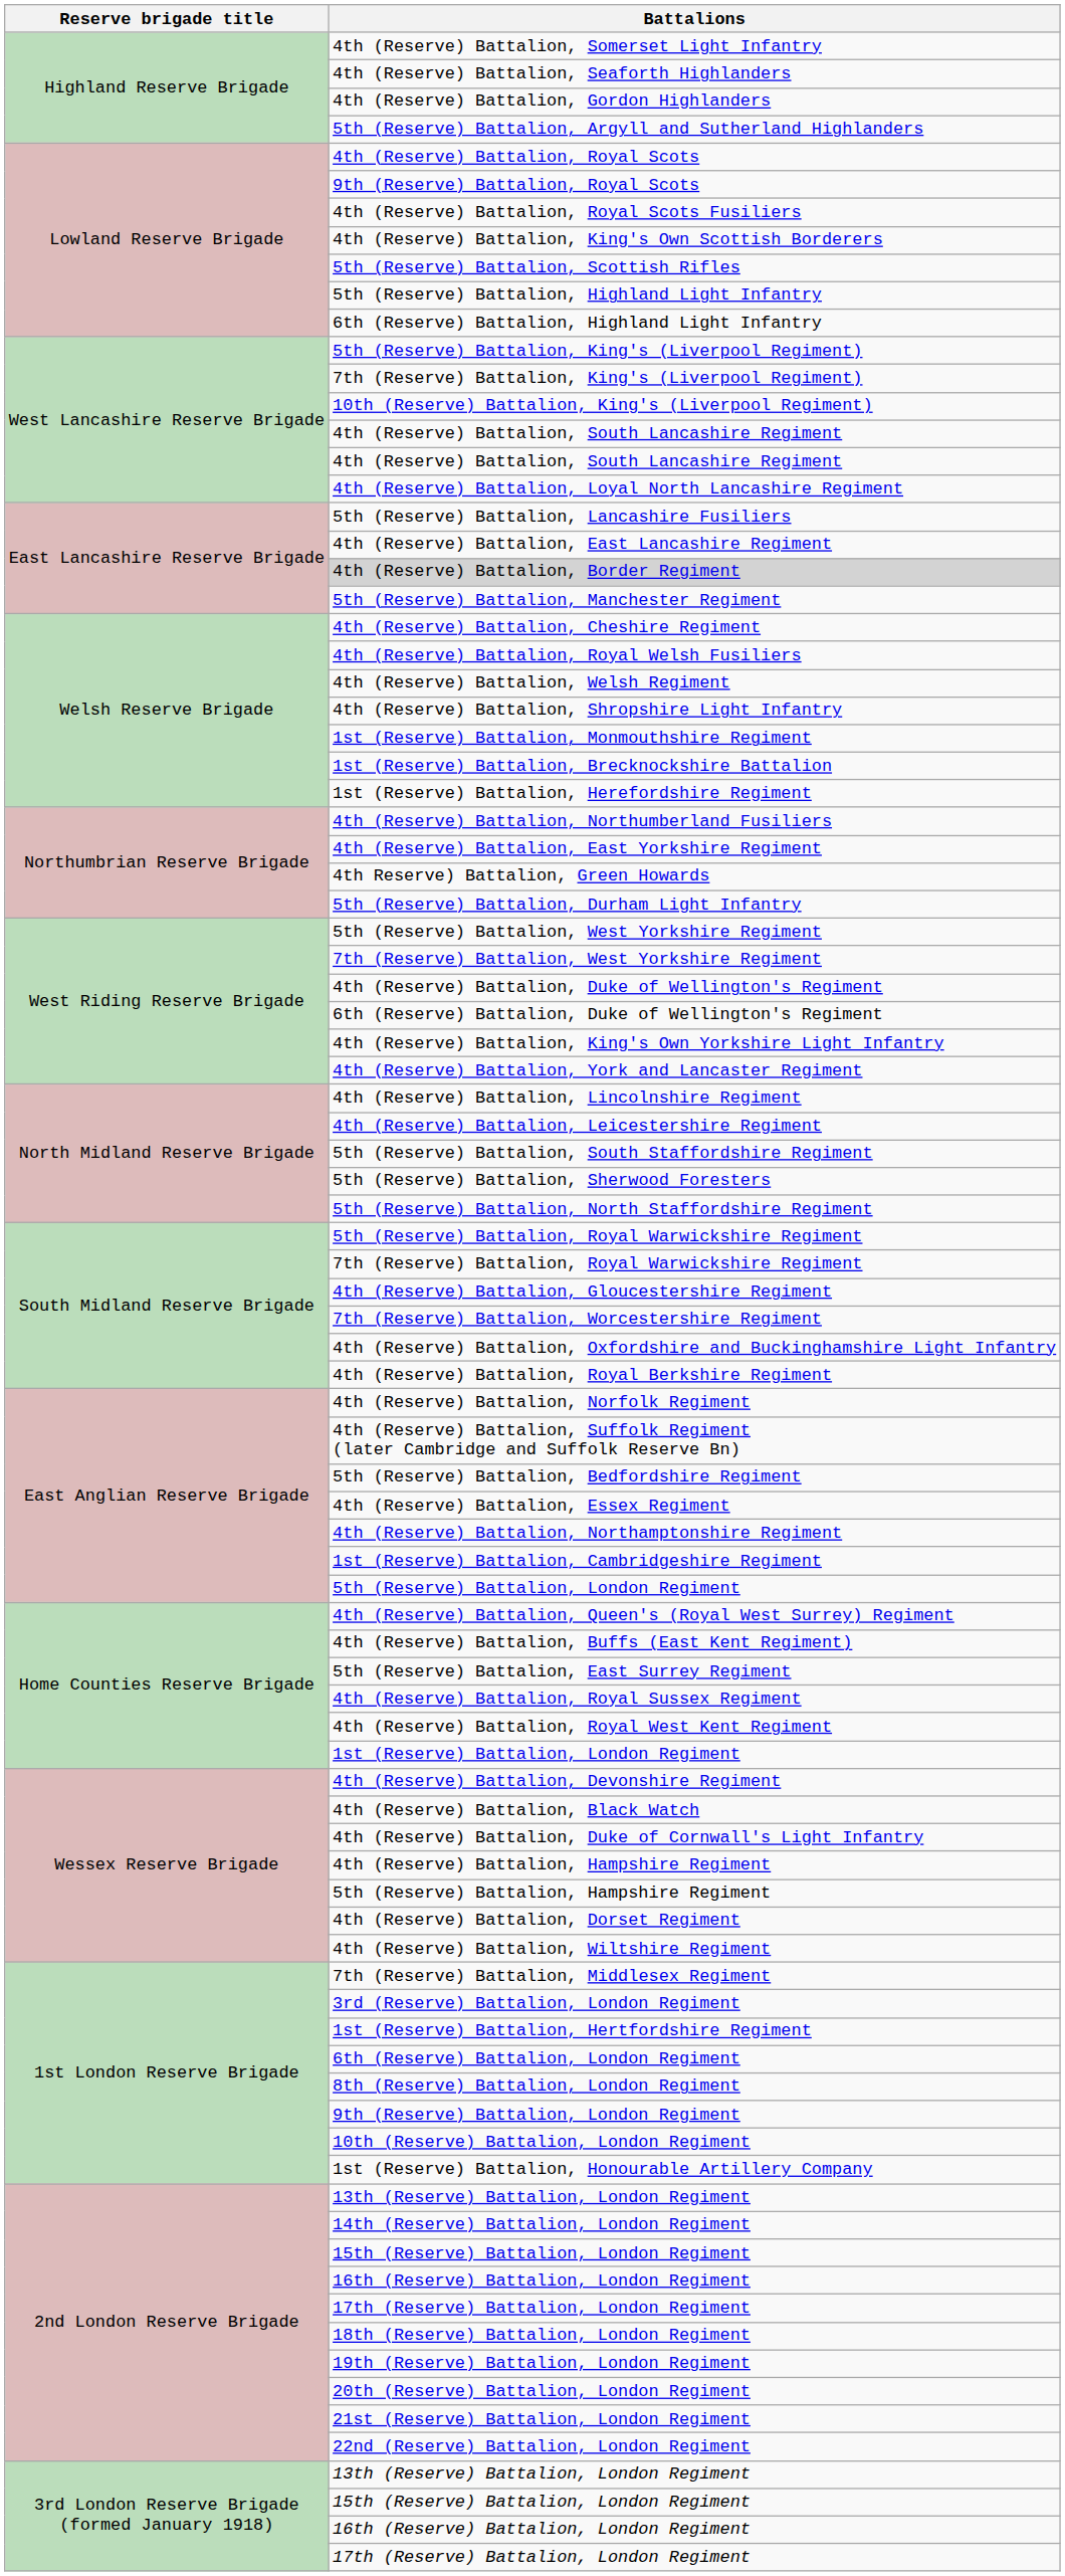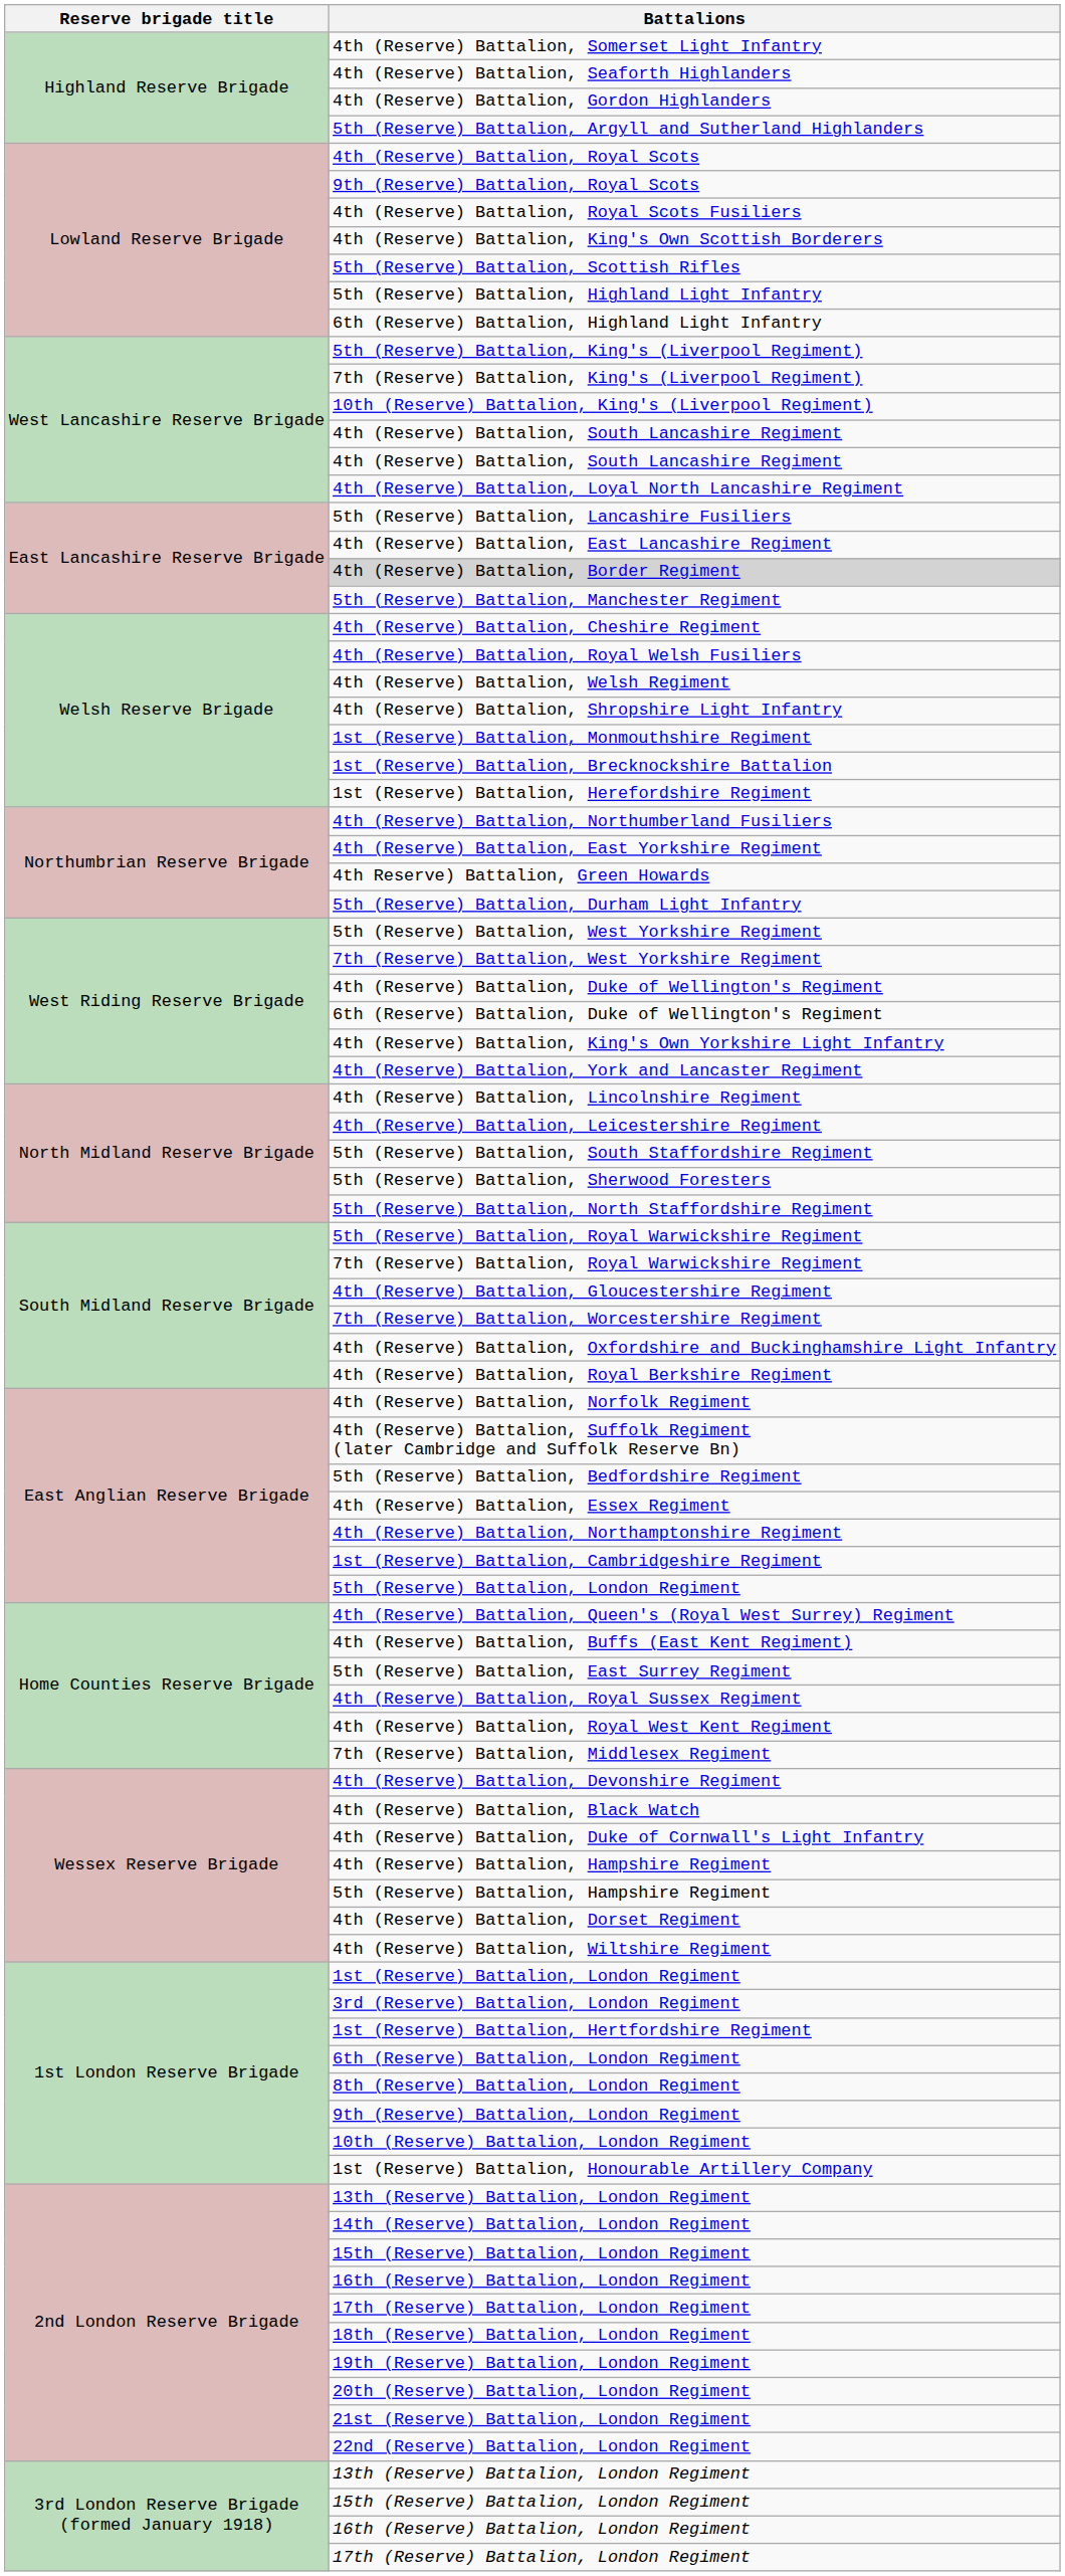 <table class="wikitable">
 <tr>
 <th>Reserve brigade title</th>
 <th>Battalions</th>
 </tr>
 <tr>
 <td align=center bgcolor=#bbddbb rowspan=4>Highland Reserve Brigade</td>
 <td>4th (Reserve) Battalion, <a href='#'>Somerset Light Infantry</a></td>
 </tr>
 <tr>
 <td>4th (Reserve) Battalion, <a href='#'>Seaforth Highlanders</a></td>
 </tr>
 <tr>
 <td>4th (Reserve) Battalion, <a href='#'>Gordon Highlanders</a></td>
 </tr>
 <tr>
 <td><a href='#'>5th (Reserve) Battalion, Argyll and Sutherland Highlanders</a></td>
 </tr>
 <tr>
 <td align=center bgcolor=#ddbbbb rowspan=7>Lowland Reserve Brigade</td>
 <td><a href='#'>4th (Reserve) Battalion, Royal Scots</a></td>
 </tr>
 <tr>
 <td><a href='#'>9th (Reserve) Battalion, Royal Scots</a></td>
 </tr>
 <tr>
 <td>4th (Reserve) Battalion, <a href='#'>Royal Scots Fusiliers</a></td>
 </tr>
 <tr>
 <td>4th (Reserve) Battalion, <a href='#'>King's Own Scottish Borderers</a></td>
 </tr>
 <tr>
 <td><a href='#'>5th (Reserve) Battalion, Scottish Rifles</a></td>
 </tr>
 <tr>
 <td>5th (Reserve) Battalion, <a href='#'>Highland Light Infantry</a></td>
 </tr>
 <tr>
 <td>6th (Reserve) Battalion, Highland Light Infantry</td>
 </tr>
 <tr>
 <td align=center bgcolor=#bbddbb rowspan=6> West Lancashire Reserve Brigade</td>
 <td><a href='#'>5th (Reserve) Battalion, King's (Liverpool Regiment)</a></td>
 </tr>
 <tr>
 <td>7th (Reserve) Battalion, <a href='#'>King's (Liverpool Regiment)</a></td>
 </tr>
 <tr>
 <td><a href='#'>10th (Reserve) Battalion, King's (Liverpool Regiment)</a></td>
 </tr>
 <tr>
 <td>4th (Reserve) Battalion, <a href='#'>South Lancashire Regiment</a></td>
 </tr>
 <tr>
 <td>4th (Reserve) Battalion, <a href='#'>South Lancashire Regiment</a></td>
 </tr>
 <tr>
 <td><a href='#'>4th (Reserve) Battalion, Loyal North Lancashire Regiment</a></td>
 </tr>
 <tr>
 <td align=center bgcolor=#ddbbbb rowspan=4> East Lancashire Reserve Brigade</td>
 <td>5th (Reserve) Battalion, <a href='#'>Lancashire Fusiliers</a></td>
 </tr>
 <tr>
 <td>4th (Reserve) Battalion, <a href='#'>East Lancashire Regiment</a></td>
 </tr>
 <tr>
 <td style="background: lightgrey;">4th (Reserve) Battalion, <a href='#'>Border Regiment</a></td>
 </tr>
 <tr>
 <td><a href='#'>5th (Reserve) Battalion, Manchester Regiment</a></td>
 </tr>
 <tr>
 <td align=center bgcolor=#bbddbb rowspan=7> Welsh Reserve Brigade</td>
 <td><a href='#'>4th (Reserve) Battalion, Cheshire Regiment</a></td>
 </tr>
 <tr>
 <td><a href='#'>4th (Reserve) Battalion, Royal Welsh Fusiliers</a></td>
 </tr>
 <tr>
 <td>4th (Reserve) Battalion, <a href='#'>Welsh Regiment</a></td>
 </tr>
 <tr>
 <td>4th (Reserve) Battalion, <a href='#'>Shropshire Light Infantry</a></td>
 </tr>
 <tr>
 <td><a href='#'>1st (Reserve) Battalion, Monmouthshire Regiment</a></td>
 </tr>
 <tr>
 <td><a href='#'>1st (Reserve) Battalion, Brecknockshire Battalion</a></td>
 </tr>
 <tr>
 <td>1st (Reserve) Battalion, <a href='#'>Herefordshire Regiment</a></td>
 </tr>
 <tr>
 <td align=center bgcolor=#ddbbbb rowspan=4> Northumbrian Reserve Brigade</td>
 <td><a href='#'>4th (Reserve) Battalion, Northumberland Fusiliers</a></td>
 </tr>
 <tr>
 <td><a href='#'>4th (Reserve) Battalion, East Yorkshire Regiment</a></td>
 </tr>
 <tr>
 <td>4th Reserve) Battalion, <a href='#'>Green Howards</a></td>
 </tr>
 <tr>
 <td><a href='#'>5th (Reserve) Battalion, Durham Light Infantry</a></td>
 </tr>
 <tr>
 <td align=center bgcolor=#bbddbb rowspan=6> West Riding Reserve Brigade</td>
 <td>5th (Reserve) Battalion, <a href='#'>West Yorkshire Regiment</a></td>
 </tr>
 <tr>
 <td><a href='#'>7th (Reserve) Battalion, West Yorkshire Regiment</a></td>
 </tr>
 <tr>
 <td>4th (Reserve) Battalion, <a href='#'>Duke of Wellington's Regiment</a></td>
 </tr>
 <tr>
 <td>6th (Reserve) Battalion, Duke of Wellington's Regiment</td>
 </tr>
 <tr>
 <td>4th (Reserve) Battalion, <a href='#'>King's Own Yorkshire Light Infantry</a></td>
 </tr>
 <tr>
 <td><a href='#'>4th (Reserve) Battalion, York and Lancaster Regiment</a></td>
 </tr>
 <tr>
 <td align=center bgcolor=#ddbbbb rowspan=5> North Midland Reserve Brigade</td>
 <td>4th (Reserve) Battalion, <a href='#'>Lincolnshire Regiment</a></td>
 </tr>
 <tr>
 <td><a href='#'>4th (Reserve) Battalion, Leicestershire Regiment</a></td>
 </tr>
 <tr>
 <td>5th (Reserve) Battalion, <a href='#'>South Staffordshire Regiment</a></td>
 </tr>
 <tr>
 <td>5th (Reserve) Battalion, <a href='#'>Sherwood Foresters</a></td>
 </tr>
 <tr>
 <td><a href='#'>5th (Reserve) Battalion, North Staffordshire Regiment</a></td>
 </tr>
 <tr>
 <td align=center bgcolor=#bbddbb rowspan=6> South Midland Reserve Brigade</td>
 <td><a href='#'>5th (Reserve) Battalion, Royal Warwickshire Regiment</a></td>
 </tr>
 <tr>
 <td>7th (Reserve) Battalion, <a href='#'>Royal Warwickshire Regiment</a></td>
 </tr>
 <tr>
 <td><a href='#'>4th (Reserve) Battalion, Gloucestershire Regiment</a></td>
 </tr>
 <tr>
 <td><a href='#'>7th (Reserve) Battalion, Worcestershire Regiment</a></td>
 </tr>
 <tr>
 <td>4th (Reserve) Battalion, <a href='#'>Oxfordshire and Buckinghamshire Light Infantry</a></td>
 </tr>
 <tr>
 <td>4th (Reserve) Battalion, <a href='#'>Royal Berkshire Regiment</a></td>
 </tr>
 <tr>
 <td align=center bgcolor=#ddbbbb rowspan=7> East Anglian Reserve Brigade</td>
 <td>4th (Reserve) Battalion, <a href='#'>Norfolk Regiment</a></td>
 </tr>
 <tr>
 <td>4th (Reserve) Battalion, <a href='#'>Suffolk Regiment</a><br>(later Cambridge and Suffolk Reserve Bn)</td>
 </tr>
 <tr>
 <td>5th (Reserve) Battalion, <a href='#'>Bedfordshire Regiment</a></td>
 </tr>
 <tr>
 <td>4th (Reserve) Battalion, <a href='#'>Essex Regiment</a></td>
 </tr>
 <tr>
 <td><a href='#'>4th (Reserve) Battalion, Northamptonshire Regiment</a></td>
 </tr>
 <tr>
 <td><a href='#'>1st (Reserve) Battalion, Cambridgeshire Regiment</a></td>
 </tr>
 <tr>
 <td><a href='#'>5th (Reserve) Battalion, London Regiment</a></td>
 </tr>
 <tr>
 <td align=center bgcolor=#bbddbb rowspan=6> Home Counties Reserve Brigade</td>
 <td><a href='#'>4th (Reserve) Battalion, Queen's (Royal West Surrey) Regiment</a></td>
 </tr>
 <tr>
 <td>4th (Reserve) Battalion, <a href='#'>Buffs (East Kent Regiment)</a></td>
 </tr>
 <tr>
 <td>5th (Reserve) Battalion, <a href='#'>East Surrey Regiment</a></td>
 </tr>
 <tr>
 <td><a href='#'>4th (Reserve) Battalion, Royal Sussex Regiment</a></td>
 </tr>
 <tr>
 <td>4th (Reserve) Battalion, <a href='#'>Royal West Kent Regiment</a></td>
 </tr>
 <tr>
-<td><a href='#'>1st (Reserve) Battalion, London Regiment</a></td>
+<td>7th (Reserve) Battalion, <a href='#'>Middlesex Regiment</a></td>
 </tr>
 <tr>
 <td align=center bgcolor=#ddbbbb rowspan=7> Wessex Reserve Brigade</td>
 <td><a href='#'>4th (Reserve) Battalion, Devonshire Regiment</a></td>
 </tr>
 <tr>
 <td>4th (Reserve) Battalion, <a href='#'>Black Watch</a></td>
 </tr>
 <tr>
 <td>4th (Reserve) Battalion, <a href='#'>Duke of Cornwall's Light Infantry</a></td>
 </tr>
 <tr>
 <td>4th (Reserve) Battalion, <a href='#'>Hampshire Regiment</a></td>
 </tr>
 <tr>
 <td>5th (Reserve) Battalion, Hampshire Regiment</td>
 </tr>
 <tr>
 <td>4th (Reserve) Battalion, <a href='#'>Dorset Regiment</a></td>
 </tr>
 <tr>
 <td>4th (Reserve) Battalion, <a href='#'>Wiltshire Regiment</a></td>
 </tr>
 <tr>
 <td align=center bgcolor=#bbddbb rowspan=8> 1st London Reserve Brigade</td>
-<td>7th (Reserve) Battalion, <a href='#'>Middlesex Regiment</a></td>
+<td><a href='#'>1st (Reserve) Battalion, London Regiment</a></td>
 </tr>
 <tr>
 <td><a href='#'>3rd (Reserve) Battalion, London Regiment</a></td>
 </tr>
 <tr>
 <td><a href='#'>1st (Reserve) Battalion, Hertfordshire Regiment</a></td>
 </tr>
 <tr>
 <td><a href='#'>6th (Reserve) Battalion, London Regiment</a></td>
 </tr>
 <tr>
 <td><a href='#'>8th (Reserve) Battalion, London Regiment</a></td>
 </tr>
 <tr>
 <td><a href='#'>9th (Reserve) Battalion, London Regiment</a></td>
 </tr>
 <tr>
 <td><a href='#'>10th (Reserve) Battalion, London Regiment</a></td>
 </tr>
 <tr>
 <td>1st (Reserve) Battalion, <a href='#'>Honourable Artillery Company</a></td>
 </tr>
 <tr>
 <td align=center bgcolor=#ddbbbb rowspan=10> 2nd London Reserve Brigade</td>
 <td><a href='#'>13th (Reserve) Battalion, London Regiment</a></td>
 </tr>
 <tr>
 <td><a href='#'>14th (Reserve) Battalion, London Regiment</a></td>
 </tr>
 <tr>
 <td><a href='#'>15th (Reserve) Battalion, London Regiment</a></td>
 </tr>
 <tr>
 <td><a href='#'>16th (Reserve) Battalion, London Regiment</a></td>
 </tr>
 <tr>
 <td><a href='#'>17th (Reserve) Battalion, London Regiment</a></td>
 </tr>
 <tr>
 <td><a href='#'>18th (Reserve) Battalion, London Regiment</a></td>
 </tr>
 <tr>
 <td><a href='#'>19th (Reserve) Battalion, London Regiment</a></td>
 </tr>
 <tr>
 <td><a href='#'>20th (Reserve) Battalion, London Regiment</a></td>
 </tr>
 <tr>
 <td><a href='#'>21st (Reserve) Battalion, London Regiment</a></td>
 </tr>
 <tr>
 <td><a href='#'>22nd (Reserve) Battalion, London Regiment</a></td>
 </tr>
 <tr>
 <td align=center bgcolor=#bbddbb rowspan=10> 3rd London Reserve Brigade<br>(formed January 1918)</td>
 <td><em>13th (Reserve) Battalion, London Regiment</em></td>
 </tr>
 <tr>
 <td><em>15th (Reserve) Battalion, London Regiment</em></td>
 </tr>
 <tr>
 <td><em>16th (Reserve) Battalion, London Regiment</em></td>
 </tr>
 <tr>
 <td><em>17th (Reserve) Battalion, London Regiment</em></td>
 </tr>
 </table>
